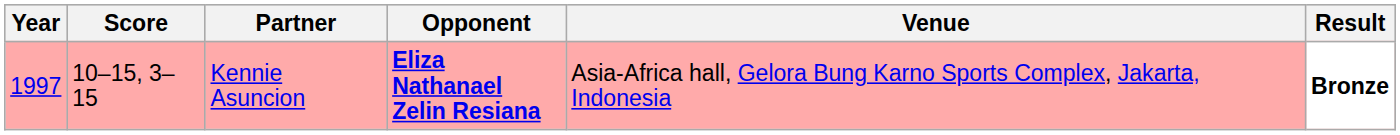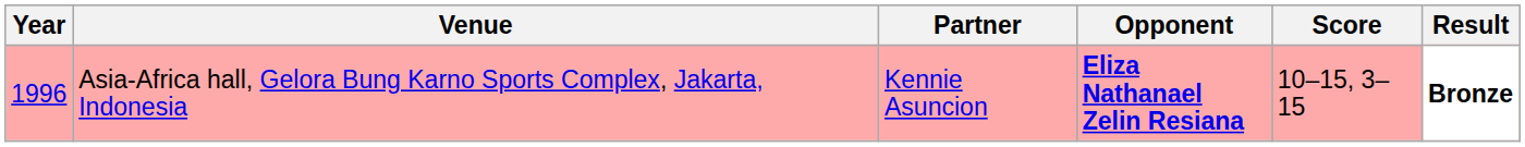 <table class="sortable wikitable" style="font-size: 90%;">
 <tr>
 <th>Year</th>
-<th>Score</th>
+<th>Venue</th>
 <th>Partner</th>
 <th>Opponent</th>
-<th>Venue</th>
+<th>Score</th>
 <th>Result</th>
 </tr>
 <tr style="background:#FFAAAA">
-<td align="center"><a href='#'>1997</a></td>
-<td align="left">10–15, 3–15</td>
+<td align="center"><a href='#'>1996</a></td>
+<td align="left">Asia-Africa hall, <a href='#'>Gelora Bung Karno Sports Complex</a>, <a href='#'>Jakarta, Indonesia</a></td>
 <td align="left"> <a href='#'>Kennie Asuncion</a></td>
 <td align="left"><strong> <a href='#'>Eliza Nathanael</a> <br>  <a href='#'>Zelin Resiana</a></strong></td>
-<td align="left">Asia-Africa hall, <a href='#'>Gelora Bung Karno Sports Complex</a>, <a href='#'>Jakarta, Indonesia</a></td>
+<td align="left">10–15, 3–15</td>
 <td style="text-align:left; background:white"> <strong>Bronze</strong></td>
 </tr>
 </table>
